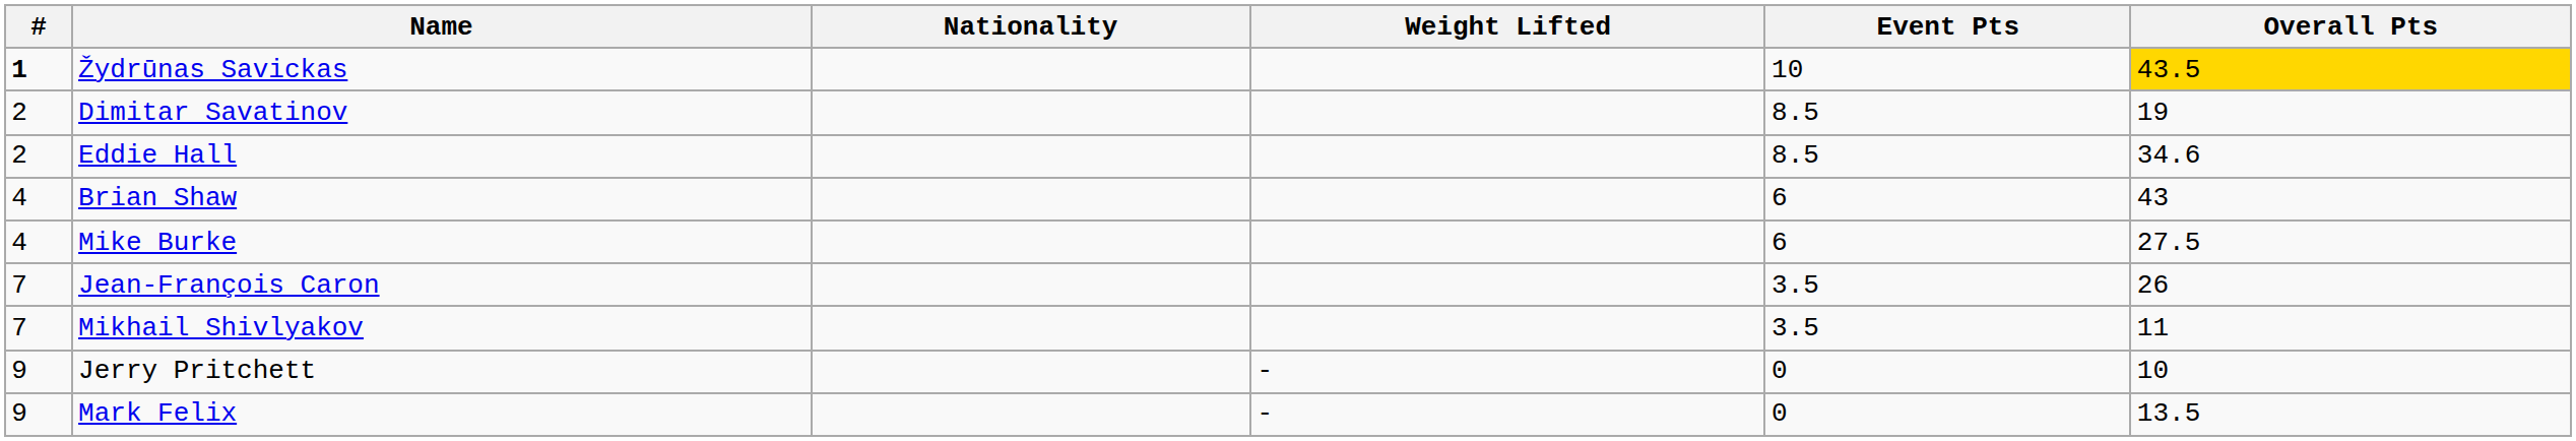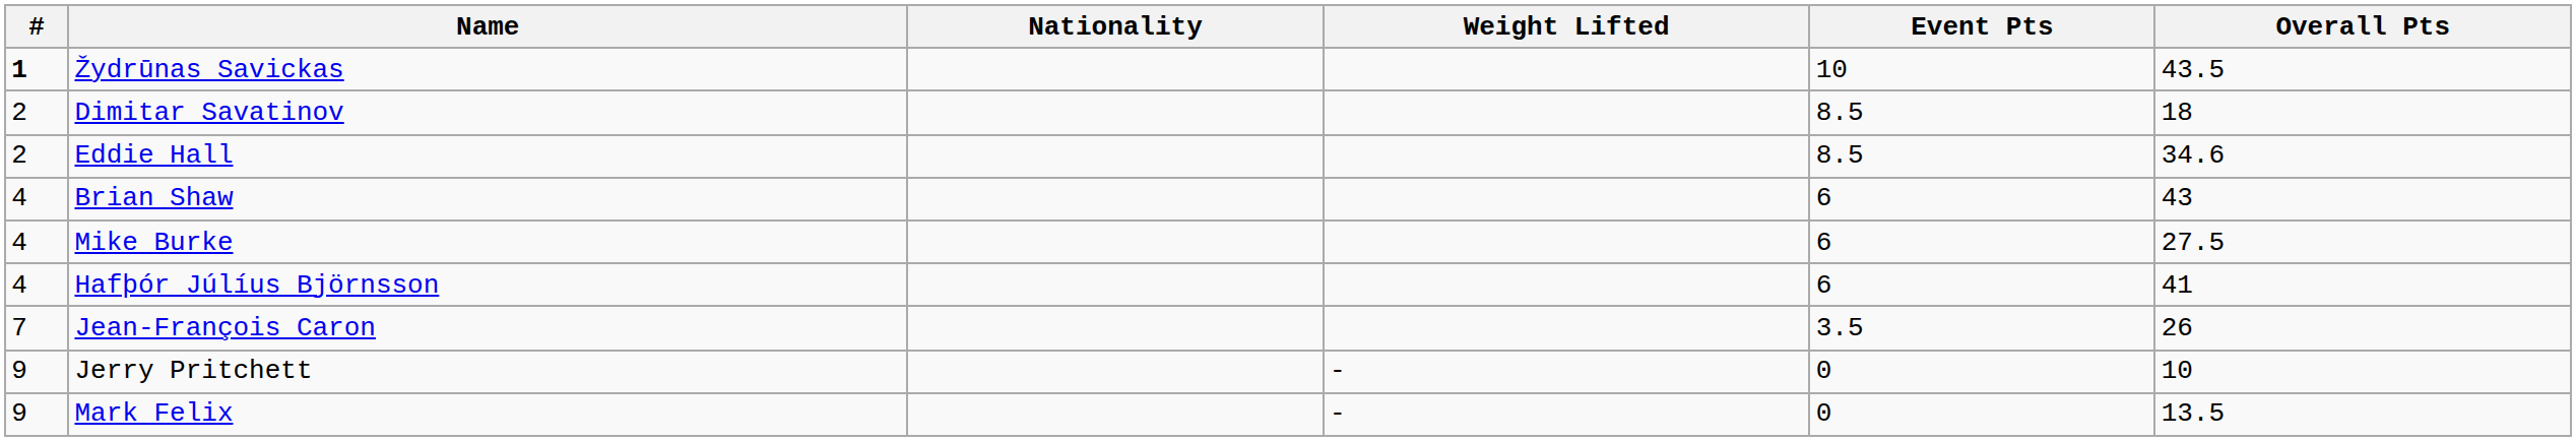 <table class="wikitable sortable" style="display: inline-table; width: 100%;">
 <tr>
 <th>#</th>
 <th>Name</th>
 <th>Nationality</th>
 <th>Weight Lifted</th>
 <th>Event Pts</th>
 <th>Overall Pts</th>
 </tr>
 <tr>
 <td><strong>1</strong></td>
 <td><a href='#'>Žydrūnas Savickas</a></td>
 <td></td>
 <td></td>
 <td>10</td>
-<td style="background: gold;">43.5</td>
+<td>43.5</td>
 </tr>
 <tr>
 <td>2</td>
 <td><a href='#'>Dimitar Savatinov</a></td>
 <td></td>
 <td></td>
 <td>8.5</td>
-<td>19</td>
+<td>18</td>
 </tr>
 <tr>
 <td>2</td>
 <td><a href='#'>Eddie Hall</a></td>
 <td></td>
 <td></td>
 <td>8.5</td>
 <td>34.6</td>
 </tr>
 <tr>
 <td>4</td>
 <td><a href='#'>Brian Shaw</a></td>
 <td></td>
 <td></td>
 <td>6</td>
 <td>43</td>
 </tr>
 <tr>
 <td>4</td>
 <td><a href='#'>Mike Burke</a></td>
 <td></td>
 <td></td>
 <td>6</td>
 <td>27.5</td>
 </tr>
 <tr>
+<td>4</td>
+<td><a href='#'>Hafþór Júlíus Björnsson</a></td>
+<td></td>
+<td></td>
+<td>6</td>
+<td>41</td>
+</tr>
+<tr>
 <td>7</td>
 <td><a href='#'>Jean-François Caron</a></td>
 <td></td>
 <td></td>
 <td>3.5</td>
 <td>26</td>
-</tr>
-<tr>
-<td>7</td>
-<td><a href='#'>Mikhail Shivlyakov</a></td>
-<td></td>
-<td></td>
-<td>3.5</td>
-<td>11</td>
 </tr>
 <tr>
 <td>9</td>
 <td>Jerry Pritchett</td>
 <td></td>
 <td>-</td>
 <td>0</td>
 <td>10</td>
 </tr>
 <tr>
 <td>9</td>
 <td><a href='#'>Mark Felix</a></td>
 <td></td>
 <td>-</td>
 <td>0</td>
 <td>13.5</td>
 </tr>
 </table>
